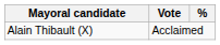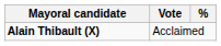 <table class="wikitable">
 <tr>
 <th bgcolor="#DDDDFF" width="200px">Mayoral candidate</th>
 <th bgcolor="#DDDDFF" width="50px">Vote</th>
 <th bgcolor="#DDDDFF" width="30px">%</th>
 </tr>
 <tr>
-<td>Alain Thibault (X)</td>
+<td><strong>Alain Thibault (X)</strong></td>
 <td colspan="2">Acclaimed</td>
 </tr>
 </table>
